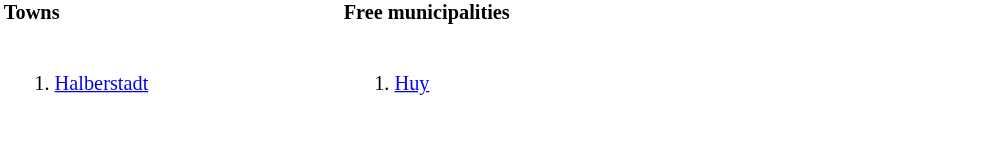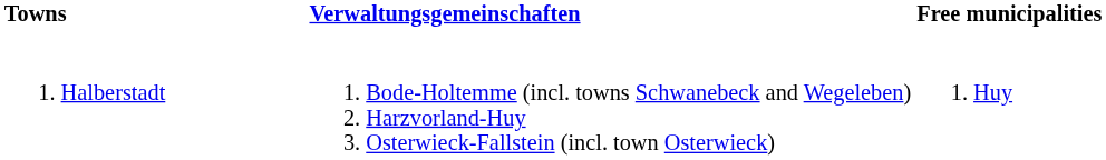 <table>
 <tr>
 <th width=25% align=left>Towns</th>
+<th width=50% align=left><a href='#'>Verwaltungsgemeinschaften</a></th>
 <th width=25% align=left>Free municipalities</th>
 </tr>
 <tr valign=top>
 <td><br><ol><li><a href='#'>Halberstadt</a></li></ol></td>
+<td><br><ol><li><a href='#'>Bode-Holtemme</a> (incl. towns <a href='#'>Schwanebeck</a> and <a href='#'>Wegeleben</a>)</li><li><a href='#'>Harzvorland-Huy</a></li><li><a href='#'>Osterwieck-Fallstein</a> (incl. town <a href='#'>Osterwieck</a>)</li></ol></td>
 <td><br><ol><li><a href='#'>Huy</a></li></ol></td>
 </tr>
 </table>
